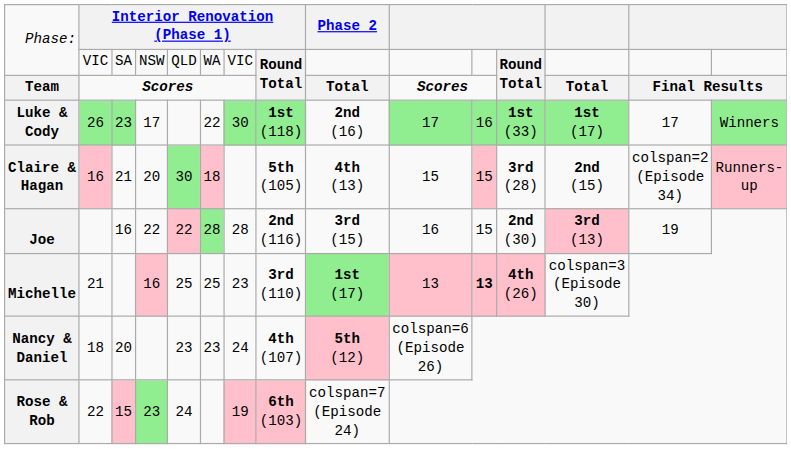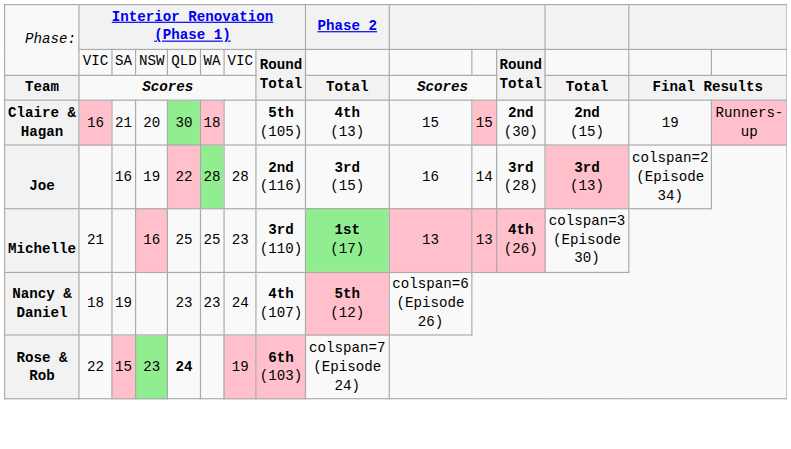 <table class="wikitable" style="text-align: center; font-size: 9pt; line-height:16px; width:100%">
 <tr>
 <td style="width:10%; text-align:right;" rowspan="2"><em>Phase:</em></td>
 <th colspan="7"><a href='#'>Interior Renovation (Phase 1)</a></th>
 <th><a href='#'>Phase 2</a></th>
 <th colspan="3"></th>
 <th></th>
 <th colspan="2"></th>
 </tr>
 <tr>
 <td style="width:5%;">VIC</td>
 <td style="width:5%;">SA</td>
 <td style="width:5%;">NSW</td>
 <td style="width:5%;">QLD</td>
 <td style="width:5%;">WA</td>
 <td style="width:5%;">VIC</td>
 <th rowspan="2" style="width:5%;">Round Total </th>
 <td style="width:5%;"></td>
 <td style="width:5%;"></td>
 <td style="width:5%;"></td>
 <th rowspan="2">Round Total<br></th>
 <td style="width:5%;"></td>
 <td style="width:5%;"></td>
 <td style="width:5%;"></td>
 </tr>
 <tr>
 <th>Team</th>
 <td colspan="6"><strong><em>Scores</em></strong></td>
 <th>Total<br></th>
 <td colspan="2"><strong><em>Scores</em></strong></td>
 <th>Total<br></th>
 <th colspan="2">Final Results</th>
 </tr>
 <tr>
-<th style="font-size: 9pt">Luke & Cody</th>
-<td style="background:lightgreen">26</td>
-<td style="background:lightgreen">23</td>
-<td>17</td>
-<td></td>
-<td>22</td>
-<td style="background:lightgreen">30</td>
-<td style="background:lightgreen"><strong>1st</strong><br>(118)</td>
-<td><strong>2nd</strong><br>(16)</td>
-<td style="background:lightgreen">17</td>
-<td style="background:lightgreen">16</td>
-<td style="background:lightgreen"><strong>1st</strong><br>(33)</td>
-<td style="background:lightgreen"><strong>1st</strong><br>(17)</td>
-<td>17</td>
-<td style="background:lightgreen">Winners</td>
-</tr>
-<tr>
 <th style="font-size: 9pt">Claire & Hagan</th>
 <td style="background:pink">16</td>
 <td>21</td>
 <td>20</td>
 <td style="background:lightgreen">30</td>
 <td style="background:pink">18</td>
 <td></td>
 <td><strong>5th</strong><br>(105)</td>
 <td><strong>4th</strong><br>(13)</td>
 <td>15</td>
 <td style="background:pink">15</td>
-<td><strong>3rd</strong><br>(28)</td>
+<td><strong>2nd</strong><br>(30)</td>
 <td><strong>2nd</strong><br>(15)</td>
-<td>colspan=2 <br>(Episode 34)</td>
+<td>19</td>
 <td style="background:pink">Runners-up</td>
 </tr>
 <tr>
 <th style="font-size: 9pt"><br>Joe</th>
 <td></td>
 <td>16</td>
-<td>22</td>
+<td>19</td>
 <td style="background:pink">22</td>
 <td style="background:lightgreen">28</td>
 <td>28</td>
 <td><strong>2nd</strong><br>(116)</td>
 <td><strong>3rd</strong><br>(15)</td>
 <td>16</td>
-<td>15</td>
-<td><strong>2nd</strong><br>(30)</td>
+<td>14</td>
+<td><strong>3rd</strong><br>(28)</td>
 <td style="background:pink"><strong>3rd</strong><br>(13)</td>
-<td>19</td>
+<td>colspan=2 <br>(Episode 34)</td>
 </tr>
 <tr>
 <th style="font-size: 9pt"><br>Michelle</th>
 <td>21</td>
 <td></td>
 <td style="background:pink">16</td>
 <td>25</td>
 <td>25</td>
 <td>23</td>
 <td><strong>3rd</strong><br>(110)</td>
 <td style="background:lightgreen"><strong>1st</strong><br>(17)</td>
 <td style="background:pink">13</td>
-<td style="background:pink"><strong>13</strong></td>
+<td style="background:pink">13</td>
 <td style="background:pink"><strong>4th</strong><br>(26)</td>
 <td>colspan=3 <br>(Episode 30)</td>
 </tr>
 <tr>
 <th style="font-size: 9pt">Nancy & Daniel</th>
 <td>18</td>
-<td>20</td>
+<td>19</td>
 <td></td>
 <td>23</td>
 <td>23</td>
 <td>24</td>
 <td><strong>4th</strong><br>(107)</td>
 <td style="background:pink"><strong>5th</strong><br>(12)</td>
 <td>colspan=6 <br>(Episode 26)</td>
 </tr>
 <tr>
 <th style="font-size: 9pt">Rose & Rob</th>
 <td>22</td>
 <td style="background:pink">15</td>
 <td style="background:lightgreen">23</td>
-<td>24</td>
+<td><strong>24</strong></td>
 <td></td>
 <td style="background:pink">19</td>
 <td style="background:pink"><strong>6th</strong><br>(103)</td>
 <td>colspan=7 <br>(Episode 24)</td>
 </tr>
 </table>
